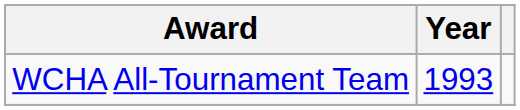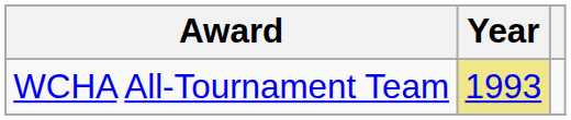 <table class="wikitable">
 <tr>
 <th>Award</th>
 <th>Year</th>
 <th></th>
 </tr>
 <tr>
 <td><a href='#'>WCHA</a> <a href='#'>All-Tournament Team</a></td>
-<td><a href='#'>1993</a></td>
+<td style="background: khaki;"><a href='#'>1993</a></td>
 <td></td>
 </tr>
 <tr>
 </tr>
 </table>
